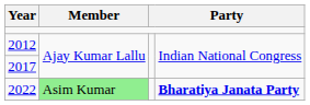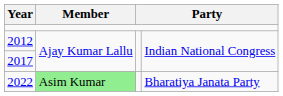 <table class="wikitable">
 <tr>
 <th>Year</th>
 <th>Member</th>
 <th colspan="2">Party</th>
 </tr>
 <tr>
 <td colspan="4"></td>
 </tr>
 <tr>
 <td><a href='#'>2012</a></td>
 <td rowspan="2"><a href='#'>Ajay Kumar Lallu</a></td>
 <td rowspan="2" style="background-color: "></td>
 <td rowspan="2"><a href='#'>Indian National Congress</a></td>
 </tr>
 <tr>
 <td><a href='#'>2017</a></td>
 </tr>
 <tr>
 <td><a href='#'>2022</a></td>
 <td style="background: lightgreen;">Asim Kumar</td>
 <td style="background-color: "></td>
-<td><strong><a href='#'>Bharatiya Janata Party</a></strong></td>
+<td><a href='#'>Bharatiya Janata Party</a></td>
 </tr>
 </table>
